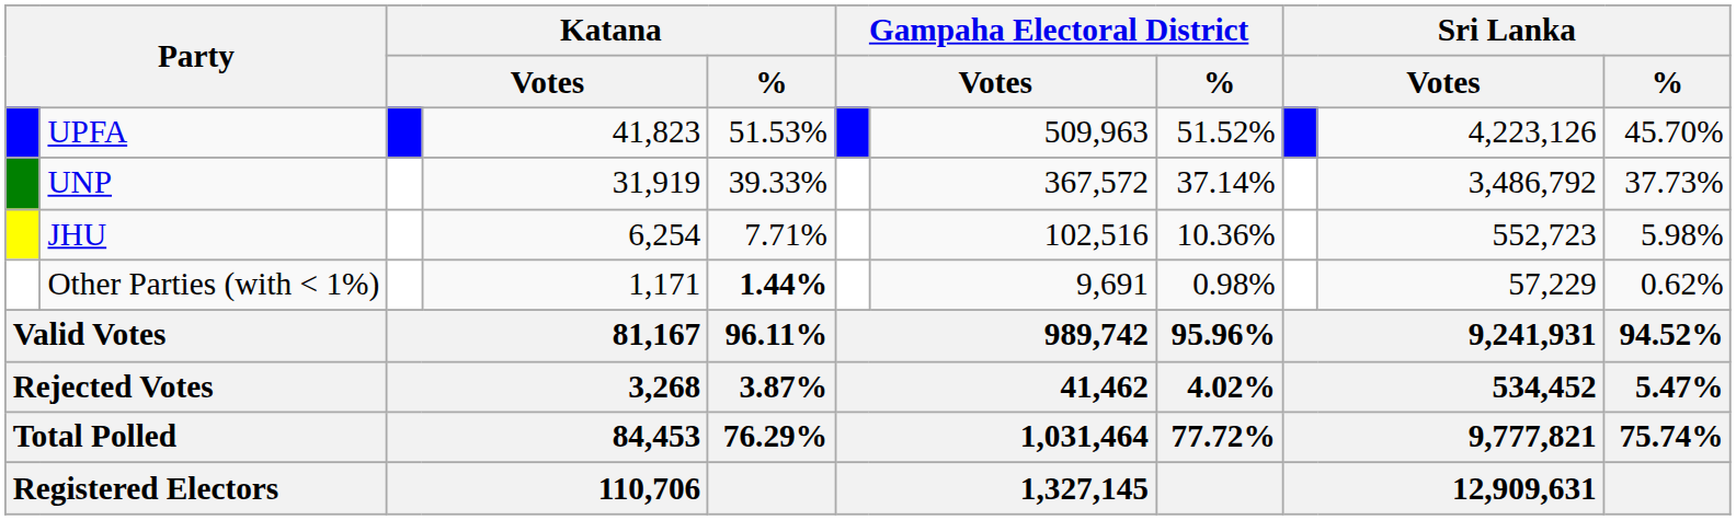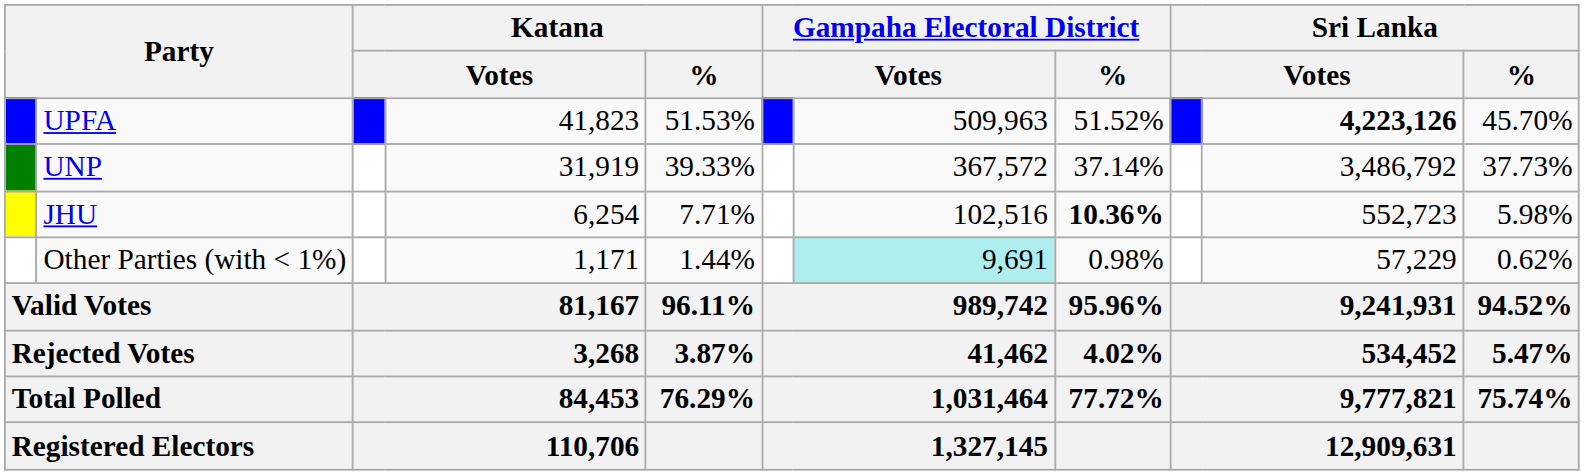 <table class="wikitable">
 <tr>
 <th colspan="2" width="144px"rowspan="2">Party</th>
 <th colspan="3" width="216px">Katana</th>
 <th colspan="3" width="216px"><a href='#'>Gampaha Electoral District</a></th>
 <th colspan="3" width="216px">Sri Lanka</th>
 </tr>
 <tr>
 <th colspan="2" width="144px">Votes</th>
 <th>%</th>
 <th colspan="2" width="144px">Votes</th>
 <th>%</th>
 <th colspan="2" width="144px">Votes</th>
 <th>%</th>
 </tr>
 <tr>
 <td style="background-color:blue;" width="10px"></td>
 <td style="text-align:left;"><a href='#'>UPFA</a></td>
 <td style="background-color:blue;" width="10px"></td>
 <td style="text-align:right;">41,823</td>
 <td style="text-align:right;">51.53%</td>
 <td style="background-color:blue;" width="10px"></td>
 <td style="text-align:right;">509,963</td>
 <td style="text-align:right;">51.52%</td>
 <td style="background-color:blue;" width="10px"></td>
-<td style="text-align:right;">4,223,126</td>
+<td style="text-align:right;"><strong>4,223,126</strong></td>
 <td style="text-align:right;">45.70%</td>
 </tr>
 <tr>
 <td style="background-color:green;" width="10px"></td>
 <td style="text-align:left;"><a href='#'>UNP</a></td>
 <td style="background-color:white;" width="10px"></td>
 <td style="text-align:right;">31,919</td>
 <td style="text-align:right;">39.33%</td>
 <td style="background-color:white;" width="10px"></td>
 <td style="text-align:right;">367,572</td>
 <td style="text-align:right;">37.14%</td>
 <td style="background-color:white;" width="10px"></td>
 <td style="text-align:right;">3,486,792</td>
 <td style="text-align:right;">37.73%</td>
 </tr>
 <tr>
 <td style="background-color:yellow;" width="10px"></td>
 <td style="text-align:left;"><a href='#'>JHU</a></td>
 <td style="background-color:white;" width="10px"></td>
 <td style="text-align:right;">6,254</td>
 <td style="text-align:right;">7.71%</td>
 <td style="background-color:white;" width="10px"></td>
 <td style="text-align:right;">102,516</td>
-<td style="text-align:right;">10.36%</td>
+<td style="text-align:right;"><strong>10.36%</strong></td>
 <td style="background-color:white;" width="10px"></td>
 <td style="text-align:right;">552,723</td>
 <td style="text-align:right;">5.98%</td>
 </tr>
 <tr>
 <td style="background-color:white;" width="10px"></td>
 <td style="text-align:left;">Other Parties (with < 1%)</td>
 <td style="background-color:white;" width="10px"></td>
 <td style="text-align:right;">1,171</td>
-<td style="text-align:right;"><strong>1.44%</strong></td>
+<td style="text-align:right;">1.44%</td>
 <td style="background-color:white;" width="10px"></td>
-<td style="text-align:right;">9,691</td>
+<td style="background: paleturquoise; text-align:right;">9,691</td>
 <td style="text-align:right;">0.98%</td>
 <td style="background-color:white;" width="10px"></td>
 <td style="text-align:right;">57,229</td>
 <td style="text-align:right;">0.62%</td>
 </tr>
 <tr>
 <th colspan="2" width="144px"style="text-align:left;">Valid Votes</th>
 <th style="text-align:right;"colspan="2" width="144px">81,167</th>
 <th style="text-align:right;">96.11%</th>
 <th style="text-align:right;"colspan="2" width="144px">989,742</th>
 <th style="text-align:right;">95.96%</th>
 <th style="text-align:right;"colspan="2" width="144px">9,241,931</th>
 <th style="text-align:right;">94.52%</th>
 </tr>
 <tr>
 <th colspan="2" width="144px"style="text-align:left;">Rejected Votes</th>
 <th style="text-align:right;"colspan="2" width="144px">3,268</th>
 <th style="text-align:right;">3.87%</th>
 <th style="text-align:right;"colspan="2" width="144px">41,462</th>
 <th style="text-align:right;">4.02%</th>
 <th style="text-align:right;"colspan="2" width="144px">534,452</th>
 <th style="text-align:right;">5.47%</th>
 </tr>
 <tr>
 <th colspan="2" width="144px"style="text-align:left;">Total Polled</th>
 <th style="text-align:right;"colspan="2" width="144px">84,453</th>
 <th style="text-align:right;">76.29%</th>
 <th style="text-align:right;"colspan="2" width="144px">1,031,464</th>
 <th style="text-align:right;">77.72%</th>
 <th style="text-align:right;"colspan="2" width="144px">9,777,821</th>
 <th style="text-align:right;">75.74%</th>
 </tr>
 <tr>
 <th colspan="2" width="144px"style="text-align:left;">Registered Electors</th>
 <th style="text-align:right;"colspan="2" width="144px">110,706</th>
 <th></th>
 <th style="text-align:right;"colspan="2" width="144px">1,327,145</th>
 <th></th>
 <th style="text-align:right;"colspan="2" width="144px">12,909,631</th>
 <th></th>
 </tr>
 </table>
